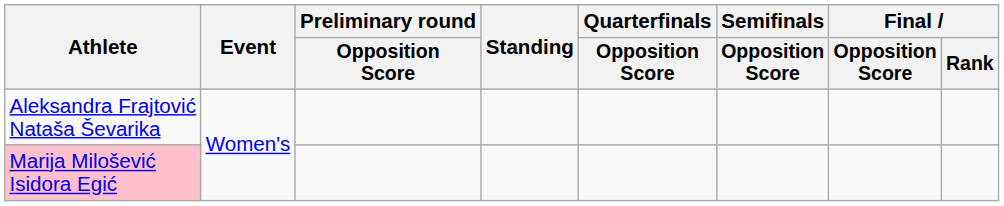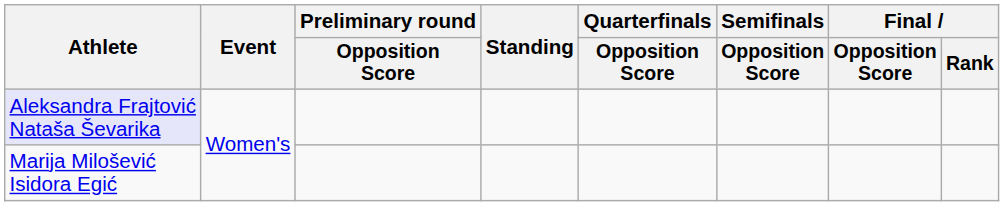 <table class=wikitable style="font-size:90%">
 <tr>
 <th rowspan=2>Athlete</th>
 <th rowspan=2>Event</th>
 <th>Preliminary round</th>
 <th rowspan=2>Standing</th>
 <th>Quarterfinals</th>
 <th>Semifinals</th>
 <th colspan=2>Final / </th>
 </tr>
 <tr style="font-size:95%">
 <th>Opposition<br>Score</th>
 <th>Opposition<br>Score</th>
 <th>Opposition<br>Score</th>
 <th>Opposition<br>Score</th>
 <th>Rank</th>
 </tr>
 <tr align=center>
-<td align=left><a href='#'>Aleksandra Frajtović</a><br><a href='#'>Nataša Ševarika</a></td>
+<td align=left style="background: lavender;"><a href='#'>Aleksandra Frajtović</a><br><a href='#'>Nataša Ševarika</a></td>
 <td align=left rowspan=2><a href='#'>Women's</a></td>
 <td></td>
 <td></td>
 <td></td>
 <td></td>
 <td></td>
 <td></td>
 </tr>
 <tr align=center>
-<td align=left style="background: pink;"><a href='#'>Marija Milošević</a><br><a href='#'>Isidora Egić</a></td>
+<td align=left><a href='#'>Marija Milošević</a><br><a href='#'>Isidora Egić</a></td>
 <td></td>
 <td></td>
 <td></td>
 <td></td>
 <td></td>
 <td></td>
 </tr>
 </table>
